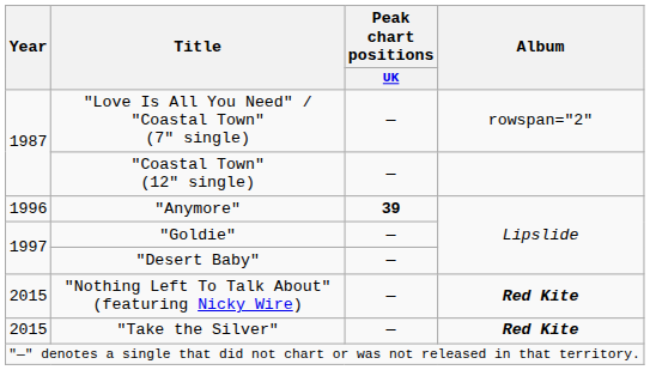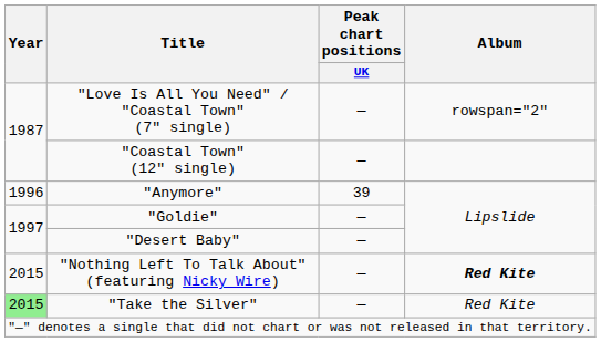 <table class="wikitable plainrowheaders" style="text-align:center;">
 <tr>
 <th scope="col" rowspan="2" style="width:1em;">Year</th>
 <th scope="col" rowspan="2" style="width:18em;">Title</th>
 <th scope="col">Peak chart positions</th>
 <th scope="col" rowspan="2">Album</th>
 </tr>
 <tr>
 <th scope="col" style="width:3em;font-size:85%;"><a href='#'>UK</a><br></th>
 </tr>
 <tr>
 <td rowspan="2">1987</td>
 <td scope="row">"Love Is All You Need" / "Coastal Town"<br><span>(7" single)</span></td>
 <td>—</td>
 <td>rowspan="2" </td>
 </tr>
 <tr>
 <td scope="row">"Coastal Town"<br><span>(12" single)</span></td>
 <td>—</td>
 </tr>
 <tr>
 <td>1996</td>
 <td scope="row">"Anymore"</td>
-<td><strong>39</strong></td>
+<td>39</td>
 <td rowspan="3"><em>Lipslide</em></td>
 </tr>
 <tr>
 <td rowspan="2">1997</td>
 <td scope="row">"Goldie"</td>
 <td>—</td>
 </tr>
 <tr>
 <td scope="row">"Desert Baby"</td>
 <td>—</td>
 </tr>
 <tr>
 <td>2015</td>
 <td scope="row">"Nothing Left To Talk About"<br><span>(featuring <a href='#'>Nicky Wire</a>)</span></td>
 <td>—</td>
 <td><strong><em>Red Kite</em></strong></td>
 </tr>
 <tr>
-<td>2015</td>
+<td style="background: lightgreen;">2015</td>
 <td>"Take the Silver"</td>
 <td>—</td>
-<td><strong><em>Red Kite</em></strong></td>
+<td><em>Red Kite</em></td>
 </tr>
 <tr>
 <td colspan="13" style="font-size:85%">"—" denotes a single that did not chart or was not released in that territory.</td>
 </tr>
 </table>
